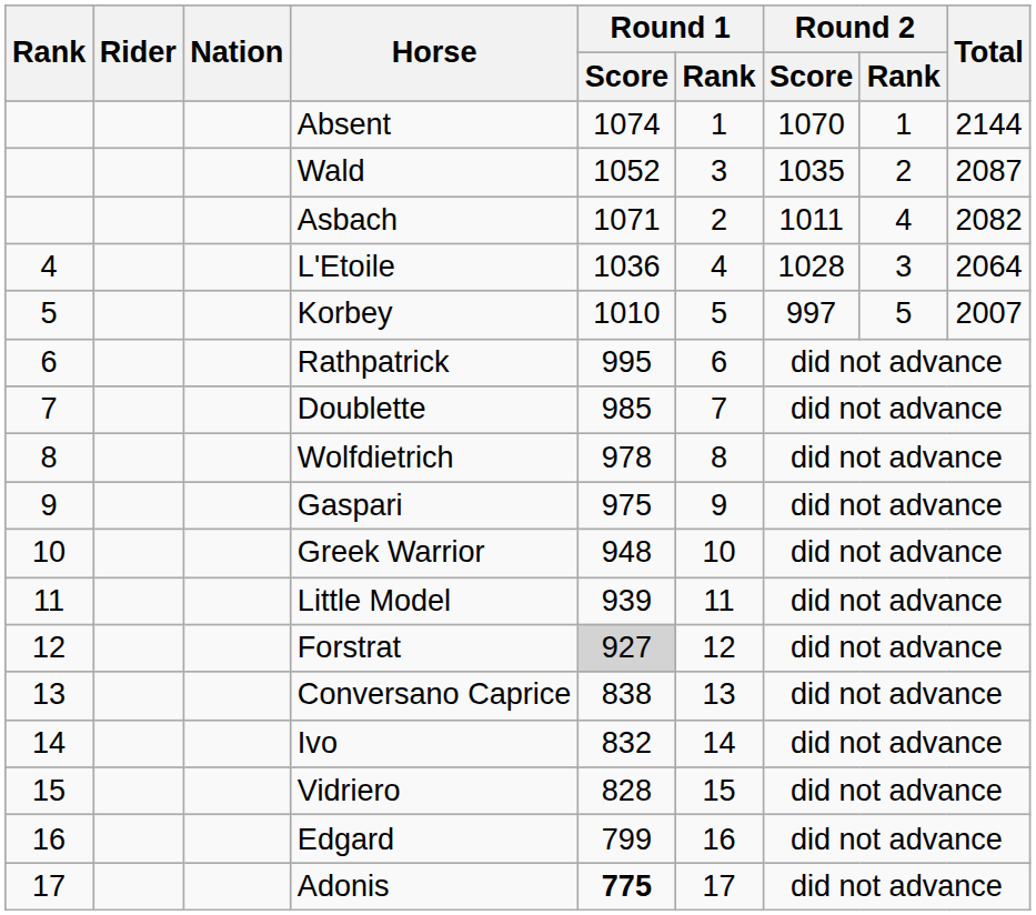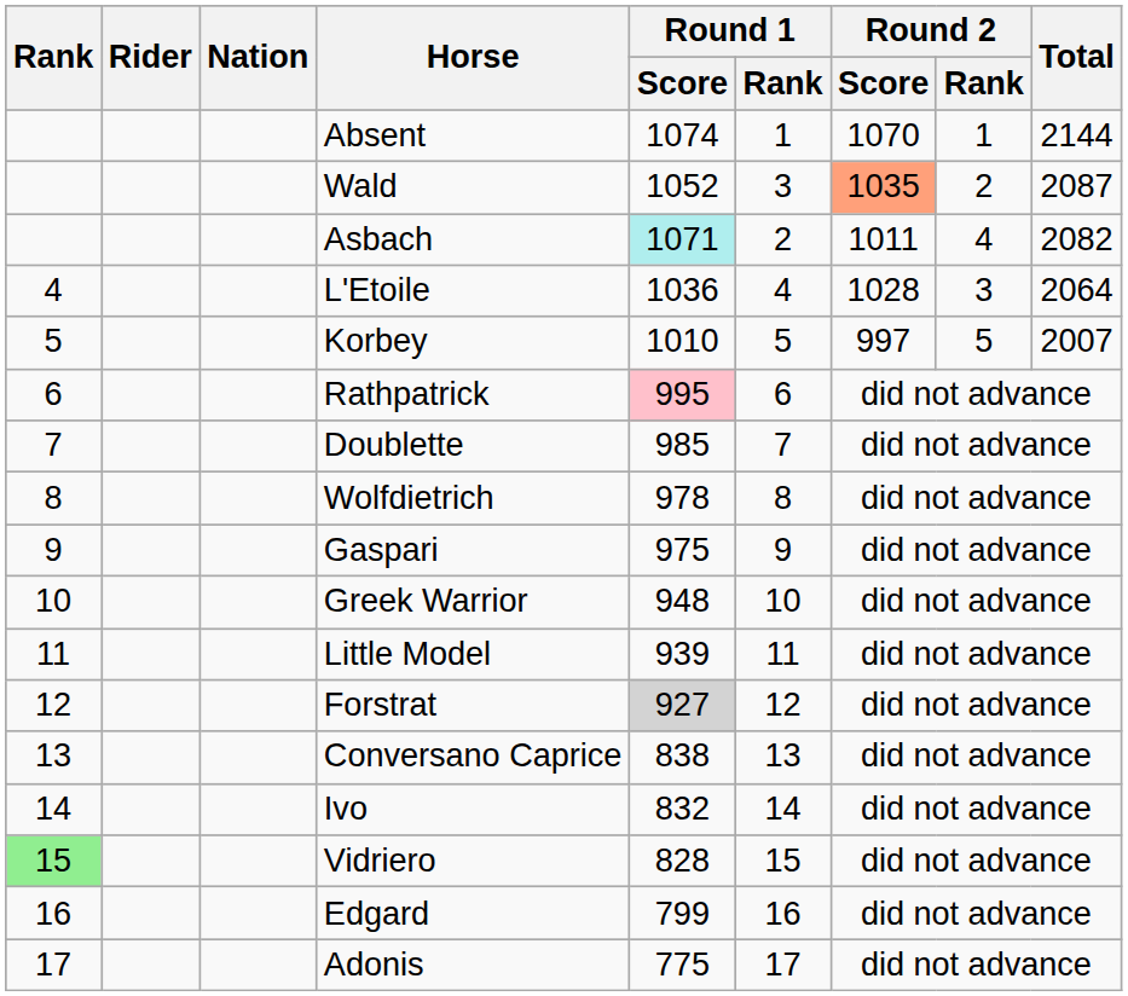 <table class="wikitable sortable" style="text-align:center">
 <tr>
 <th rowspan=2>Rank</th>
 <th rowspan=2>Rider</th>
 <th rowspan=2>Nation</th>
 <th rowspan=2>Horse</th>
 <th colspan=2>Round 1</th>
 <th colspan=2>Round 2</th>
 <th rowspan=2>Total</th>
 </tr>
 <tr>
 <th>Score</th>
 <th>Rank</th>
 <th>Score</th>
 <th>Rank</th>
 </tr>
 <tr>
 <td></td>
 <td align=left></td>
 <td align=left></td>
 <td align=left>Absent</td>
 <td>1074</td>
 <td>1</td>
 <td>1070</td>
 <td>1</td>
 <td>2144</td>
 </tr>
 <tr>
 <td></td>
 <td align=left></td>
 <td align=left></td>
 <td align=left>Wald</td>
 <td>1052</td>
 <td>3</td>
-<td>1035</td>
+<td style="background: lightsalmon;">1035</td>
 <td>2</td>
 <td>2087</td>
 </tr>
 <tr>
 <td></td>
 <td align=left></td>
 <td align=left></td>
 <td align=left>Asbach</td>
-<td>1071</td>
+<td style="background: paleturquoise;">1071</td>
 <td>2</td>
 <td>1011</td>
 <td>4</td>
 <td>2082</td>
 </tr>
 <tr>
 <td>4</td>
 <td align=left></td>
 <td align=left></td>
 <td align=left>L'Etoile</td>
 <td>1036</td>
 <td>4</td>
 <td>1028</td>
 <td>3</td>
 <td>2064</td>
 </tr>
 <tr>
 <td>5</td>
 <td align=left></td>
 <td align=left></td>
 <td align=left>Korbey</td>
 <td>1010</td>
 <td>5</td>
 <td>997</td>
 <td>5</td>
 <td>2007</td>
 </tr>
 <tr>
 <td>6</td>
 <td align=left></td>
 <td align=left></td>
 <td align=left>Rathpatrick</td>
-<td>995</td>
+<td style="background: pink;">995</td>
 <td>6</td>
 <td colspan=3>did not advance</td>
 </tr>
 <tr>
 <td>7</td>
 <td align=left></td>
 <td align=left></td>
 <td align=left>Doublette</td>
 <td>985</td>
 <td>7</td>
 <td colspan=3>did not advance</td>
 </tr>
 <tr>
 <td>8</td>
 <td align=left></td>
 <td align=left></td>
 <td align=left>Wolfdietrich</td>
 <td>978</td>
 <td>8</td>
 <td colspan=3>did not advance</td>
 </tr>
 <tr>
 <td>9</td>
 <td align=left></td>
 <td align=left></td>
 <td align=left>Gaspari</td>
 <td>975</td>
 <td>9</td>
 <td colspan=3>did not advance</td>
 </tr>
 <tr>
 <td>10</td>
 <td align=left></td>
 <td align=left></td>
 <td align=left>Greek Warrior</td>
 <td>948</td>
 <td>10</td>
 <td colspan=3>did not advance</td>
 </tr>
 <tr>
 <td>11</td>
 <td align=left></td>
 <td align=left></td>
 <td align=left>Little Model</td>
 <td>939</td>
 <td>11</td>
 <td colspan=3>did not advance</td>
 </tr>
 <tr>
 <td>12</td>
 <td align=left></td>
 <td align=left></td>
 <td align=left>Forstrat</td>
 <td style="background: lightgrey;">927</td>
 <td>12</td>
 <td colspan=3>did not advance</td>
 </tr>
 <tr>
 <td>13</td>
 <td align=left></td>
 <td align=left></td>
 <td align=left>Conversano Caprice</td>
 <td>838</td>
 <td>13</td>
 <td colspan=3>did not advance</td>
 </tr>
 <tr>
 <td>14</td>
 <td align=left></td>
 <td align=left></td>
 <td align=left>Ivo</td>
 <td>832</td>
 <td>14</td>
 <td colspan=3>did not advance</td>
 </tr>
 <tr>
-<td>15</td>
+<td style="background: lightgreen;">15</td>
 <td align=left></td>
 <td align=left></td>
 <td align=left>Vidriero</td>
 <td>828</td>
 <td>15</td>
 <td colspan=3>did not advance</td>
 </tr>
 <tr>
 <td>16</td>
 <td align=left></td>
 <td align=left></td>
 <td align=left>Edgard</td>
 <td>799</td>
 <td>16</td>
 <td colspan=3>did not advance</td>
 </tr>
 <tr>
 <td>17</td>
 <td align=left></td>
 <td align=left></td>
 <td align=left>Adonis</td>
-<td><strong>775</strong></td>
+<td>775</td>
 <td>17</td>
 <td colspan=3>did not advance</td>
 </tr>
 </table>
